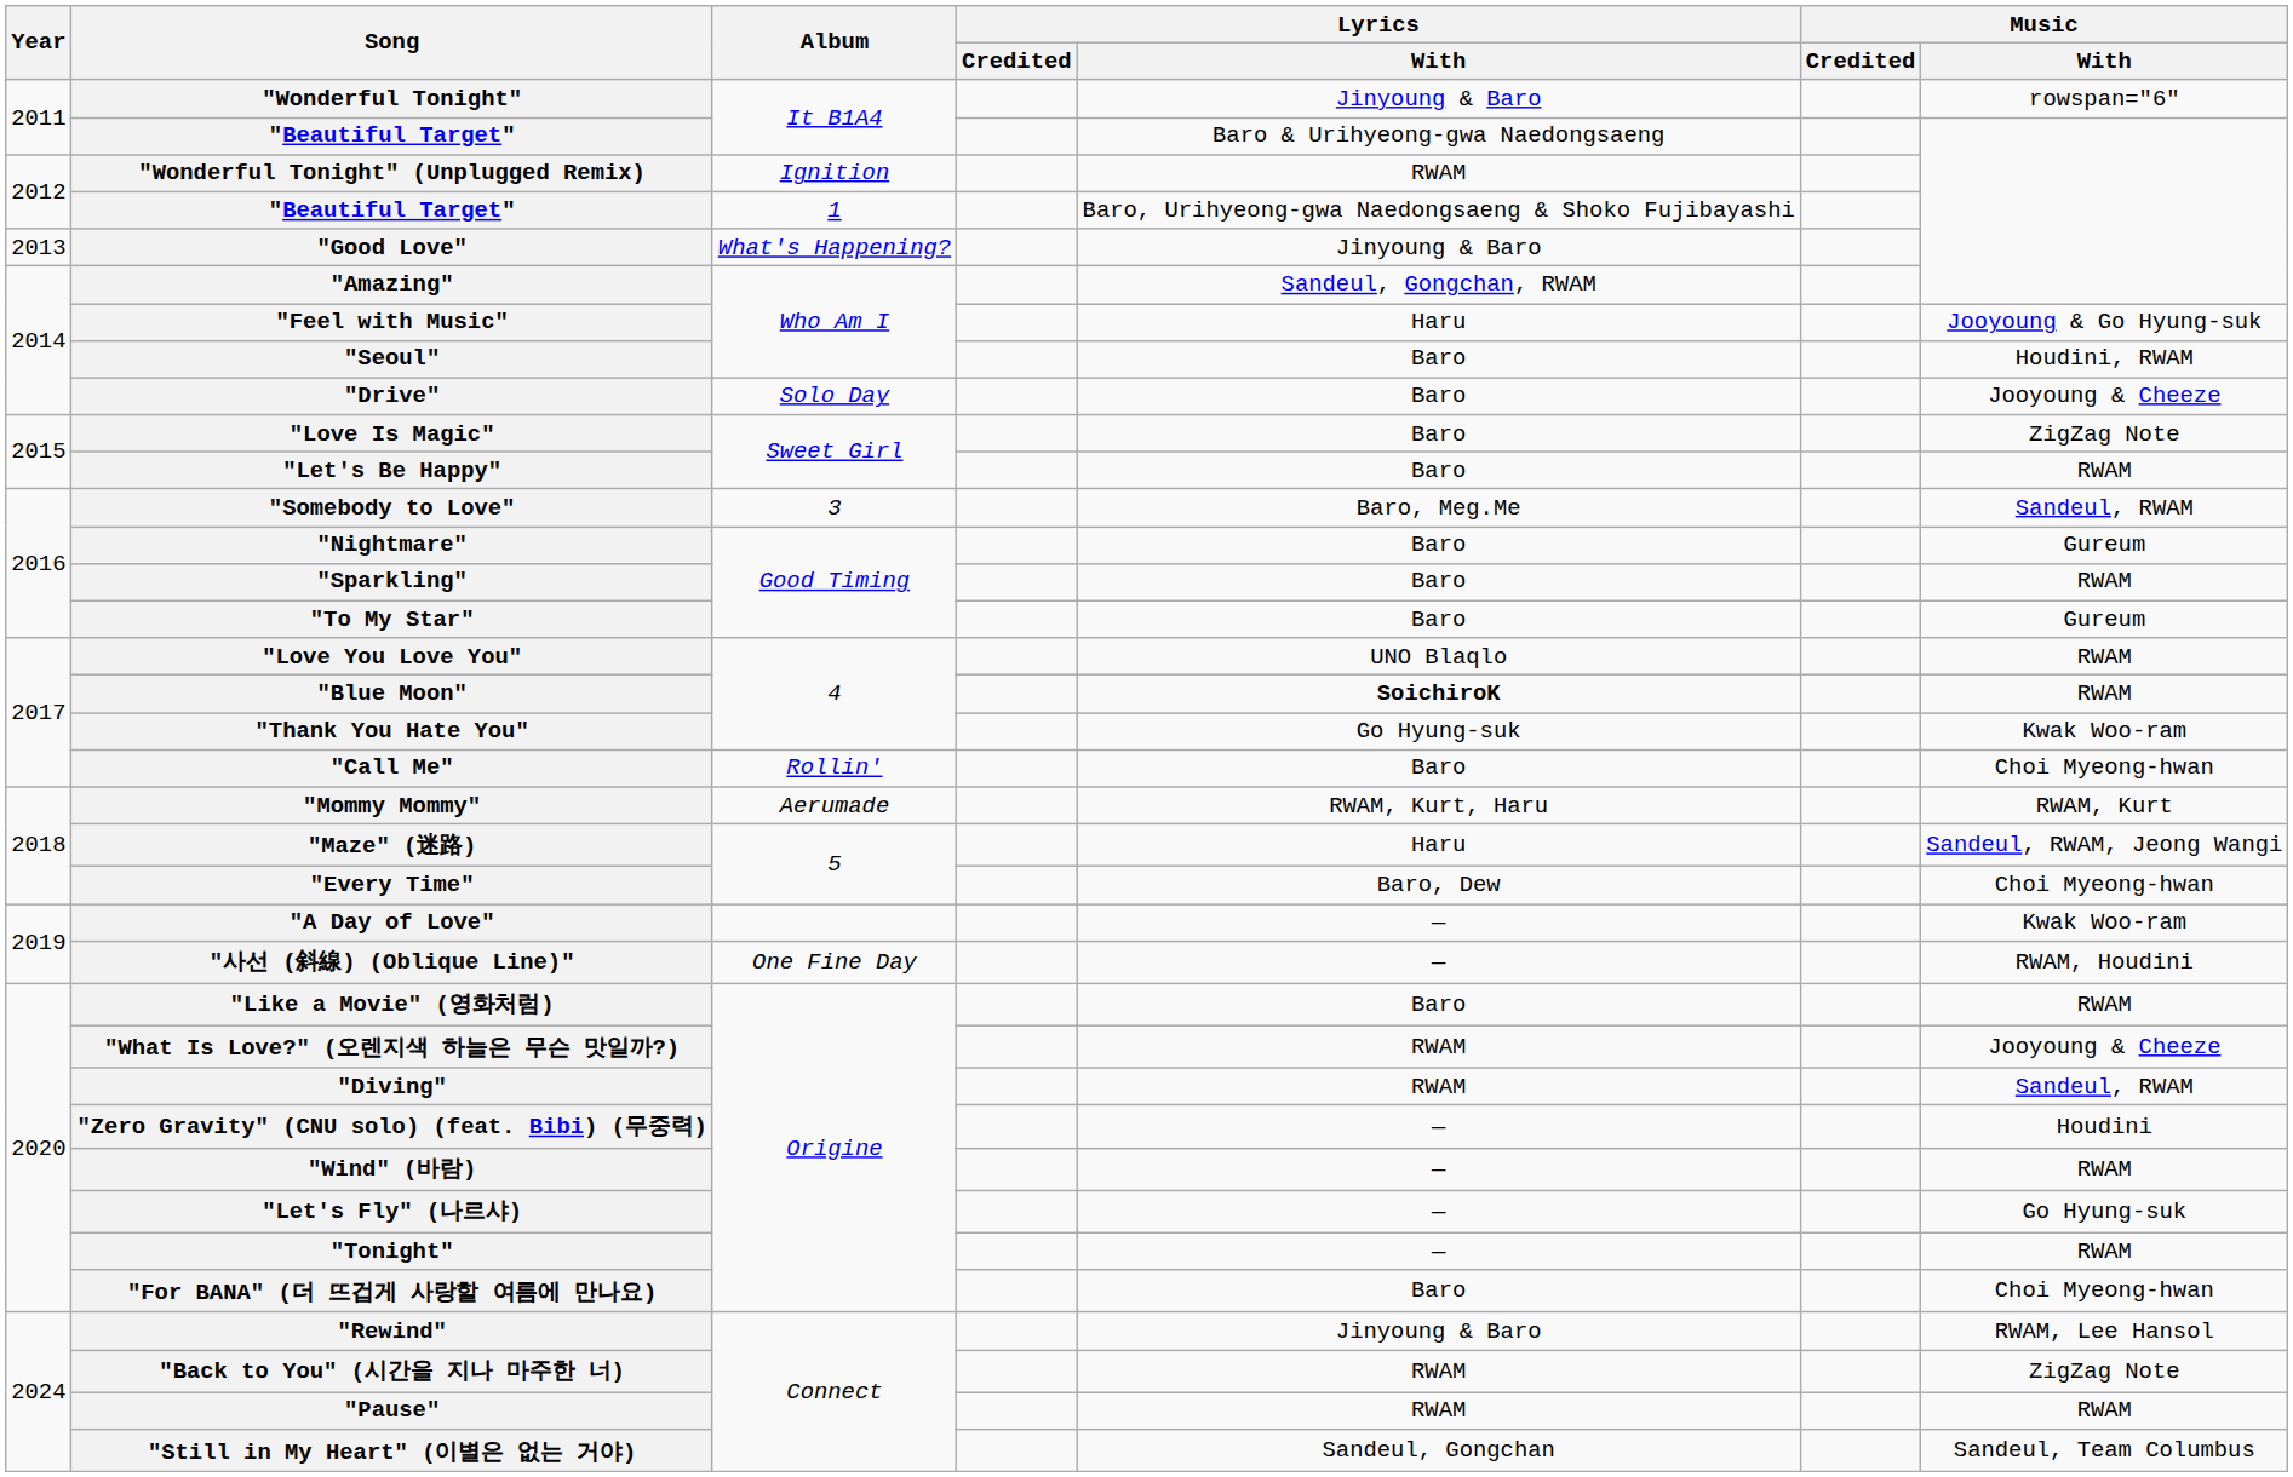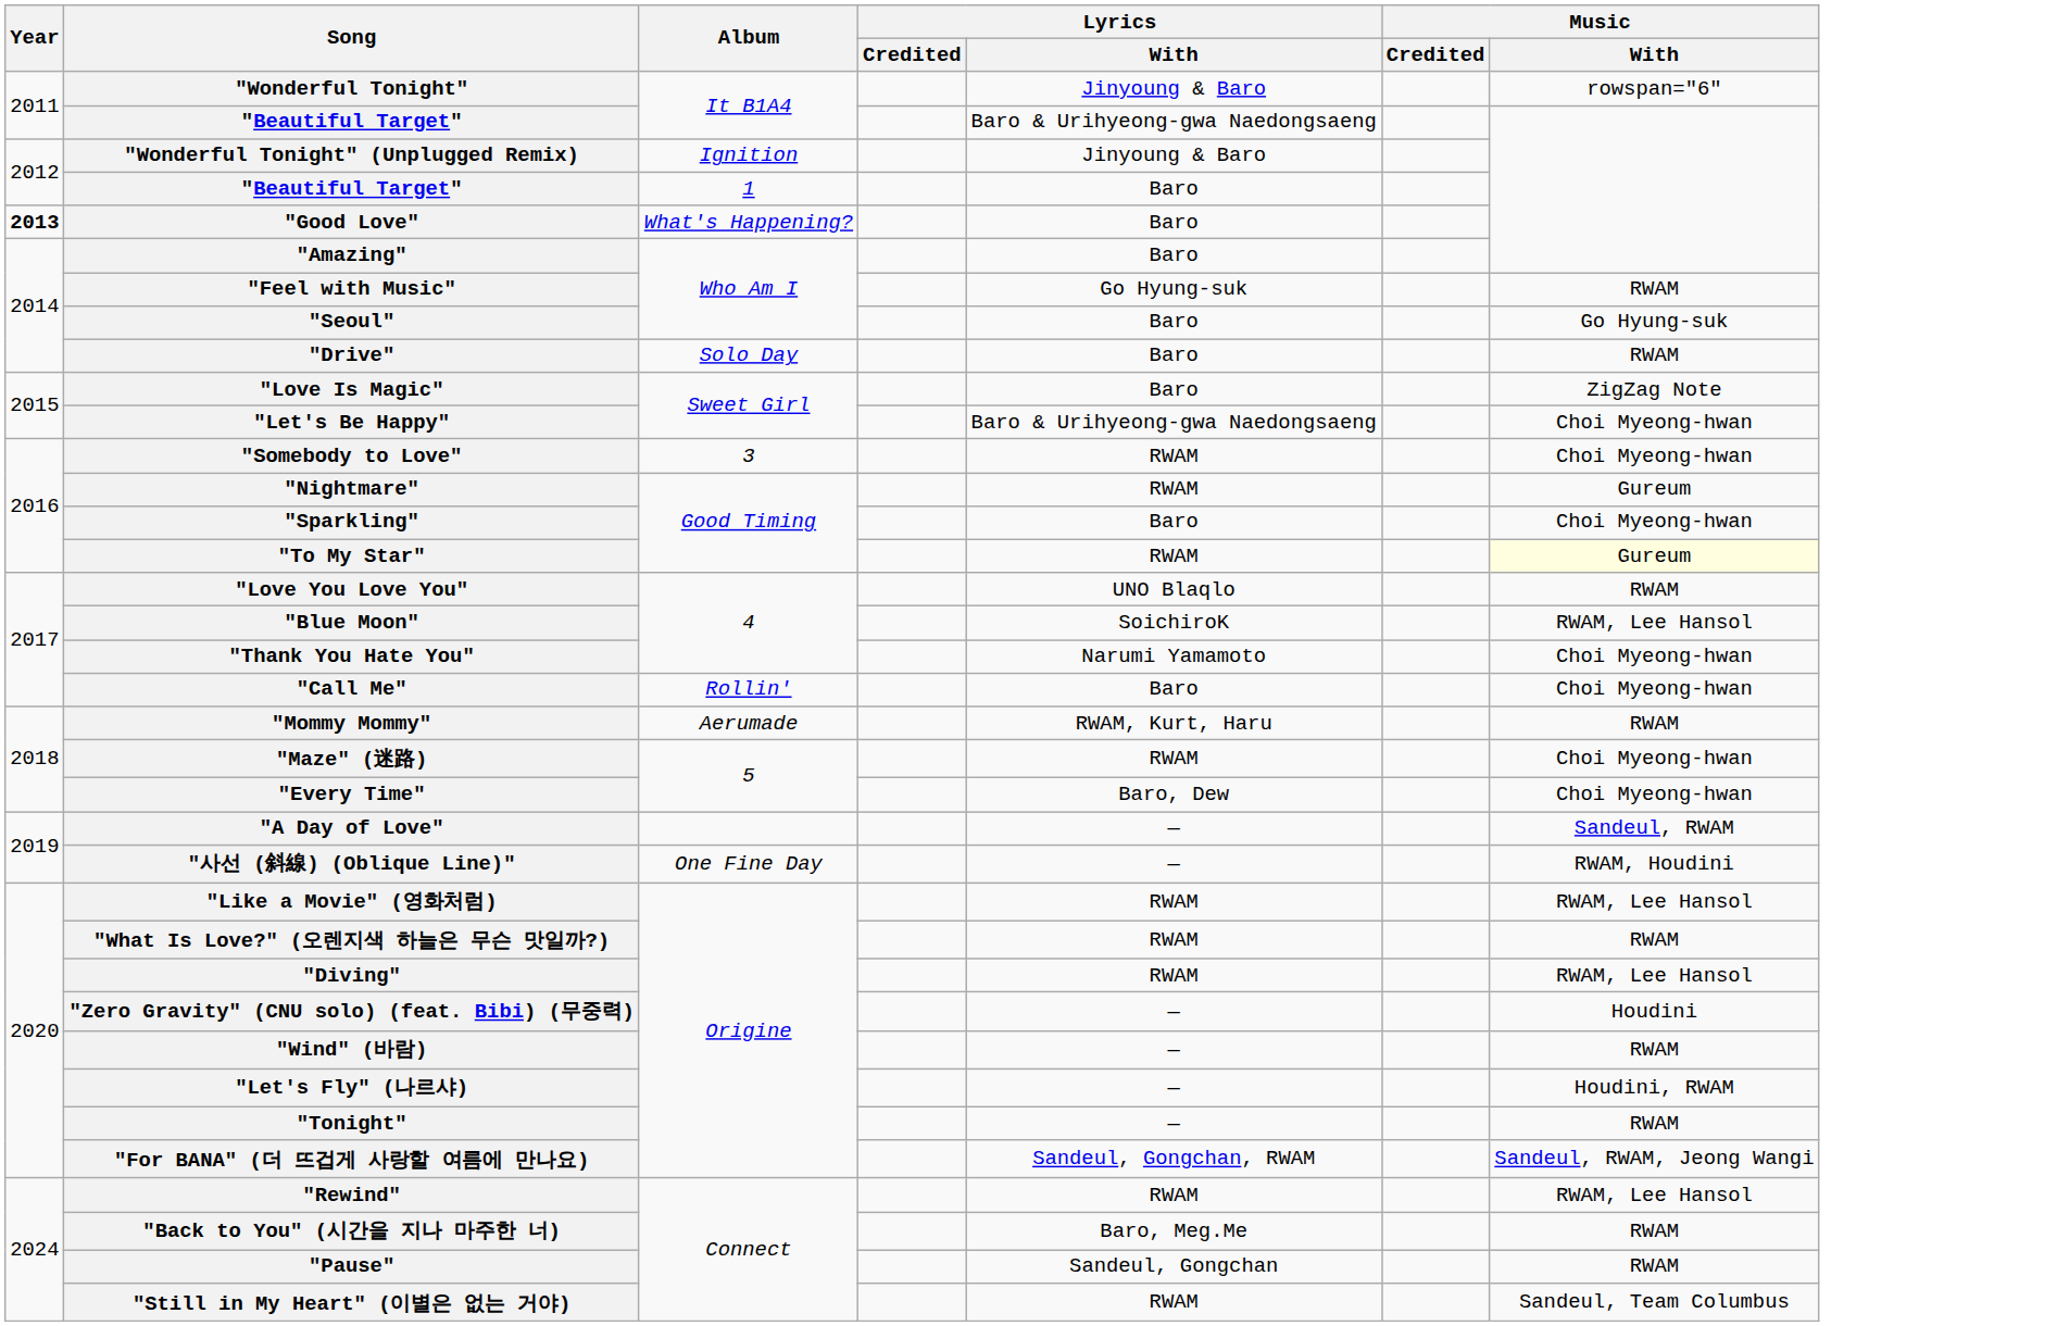 <table class="wikitable plainrowheaders" style="text-align:center;">
 <tr>
 <th rowspan="2">Year</th>
 <th rowspan="2">Song</th>
 <th rowspan="2">Album</th>
 <th colspan="2">Lyrics</th>
 <th colspan="2">Music</th>
 </tr>
 <tr>
 <th>Credited</th>
 <th>With</th>
 <th>Credited</th>
 <th>With</th>
 </tr>
 <tr>
 <td rowspan="2">2011</td>
 <th scope="row">"Wonderful Tonight"</th>
 <td rowspan="2"><em><a href='#'>It B1A4</a></em></td>
 <td></td>
 <td><a href='#'>Jinyoung</a> & <a href='#'>Baro</a></td>
 <td></td>
 <td>rowspan="6" </td>
 </tr>
 <tr>
 <th scope="row">"<a href='#'>Beautiful Target</a>"</th>
 <td></td>
 <td>Baro & Urihyeong-gwa Naedongsaeng</td>
 <td></td>
 </tr>
 <tr>
 <td rowspan="2">2012</td>
 <th scope="row">"Wonderful Tonight" (Unplugged Remix)</th>
 <td><em><a href='#'>Ignition</a></em></td>
 <td></td>
-<td>RWAM</td>
+<td>Jinyoung & Baro</td>
 <td></td>
 </tr>
 <tr>
 <th scope="row">"<a href='#'>Beautiful Target</a>"<br></th>
 <td><em><a href='#'>1</a></em></td>
 <td></td>
-<td>Baro, Urihyeong-gwa Naedongsaeng & Shoko Fujibayashi</td>
+<td>Baro</td>
 <td></td>
 </tr>
 <tr>
-<td>2013</td>
+<td><strong>2013</strong></td>
 <th scope="row">"Good Love"</th>
 <td><em><a href='#'>What's Happening?</a></em></td>
 <td></td>
-<td>Jinyoung & Baro</td>
+<td>Baro</td>
 <td></td>
 </tr>
 <tr>
 <td rowspan="4">2014</td>
 <th scope="row">"Amazing"</th>
 <td rowspan="3"><em><a href='#'>Who Am I</a></em></td>
 <td></td>
-<td><a href='#'>Sandeul</a>, <a href='#'>Gongchan</a>, RWAM</td>
+<td>Baro</td>
 <td></td>
 </tr>
 <tr>
 <th scope="row">"Feel with Music"</th>
 <td></td>
-<td>Haru</td>
+<td>Go Hyung-suk</td>
 <td></td>
-<td><a href='#'>Jooyoung</a> & Go Hyung-suk</td>
+<td>RWAM</td>
 </tr>
 <tr>
 <th scope="row">"Seoul"</th>
 <td></td>
 <td>Baro</td>
 <td></td>
-<td>Houdini, RWAM</td>
+<td>Go Hyung-suk</td>
 </tr>
 <tr>
 <th scope="row">"Drive"</th>
 <td><em><a href='#'>Solo Day</a></em></td>
 <td></td>
 <td>Baro</td>
 <td></td>
-<td>Jooyoung & <a href='#'>Cheeze</a></td>
+<td>RWAM</td>
 </tr>
 <tr>
 <td rowspan="2">2015</td>
 <th scope="row">"Love Is Magic"</th>
 <td rowspan="2"><em><a href='#'>Sweet Girl</a></em></td>
 <td></td>
 <td>Baro</td>
 <td></td>
 <td>ZigZag Note</td>
 </tr>
 <tr>
 <th scope="row">"Let's Be Happy"</th>
 <td></td>
-<td>Baro</td>
+<td>Baro & Urihyeong-gwa Naedongsaeng</td>
 <td></td>
-<td>RWAM</td>
+<td>Choi Myeong-hwan</td>
 </tr>
 <tr>
 <td rowspan="4">2016</td>
 <th scope="row">"Somebody to Love"</th>
 <td><em>3</em></td>
 <td></td>
-<td>Baro, Meg.Me</td>
+<td>RWAM</td>
 <td></td>
-<td><a href='#'>Sandeul</a>, RWAM</td>
+<td>Choi Myeong-hwan</td>
 </tr>
 <tr>
 <th scope="row">"Nightmare"</th>
 <td rowspan="3"><em><a href='#'>Good Timing</a></em></td>
 <td></td>
-<td>Baro</td>
+<td>RWAM</td>
 <td></td>
 <td>Gureum</td>
 </tr>
 <tr>
 <th scope="row">"Sparkling"</th>
 <td></td>
 <td>Baro</td>
 <td></td>
-<td>RWAM</td>
+<td>Choi Myeong-hwan</td>
 </tr>
 <tr>
 <th scope="row">"To My Star"</th>
 <td></td>
-<td>Baro</td>
+<td>RWAM</td>
 <td></td>
-<td>Gureum</td>
+<td style="background: lightyellow;">Gureum</td>
 </tr>
 <tr>
 <td rowspan="4">2017</td>
 <th scope="row">"Love You Love You"</th>
 <td rowspan="3"><em>4</em></td>
 <td></td>
 <td>UNO Blaqlo</td>
 <td></td>
 <td>RWAM</td>
 </tr>
 <tr>
 <th scope="row">"Blue Moon"</th>
 <td></td>
-<td><strong>SoichiroK</strong></td>
+<td>SoichiroK</td>
 <td></td>
-<td>RWAM</td>
+<td>RWAM, Lee Hansol</td>
 </tr>
 <tr>
 <th scope="row">"Thank You Hate You"</th>
 <td></td>
-<td>Go Hyung-suk</td>
+<td>Narumi Yamamoto</td>
 <td></td>
-<td>Kwak Woo-ram</td>
+<td>Choi Myeong-hwan</td>
 </tr>
 <tr>
 <th scope="row">"Call Me"</th>
 <td><em><a href='#'>Rollin'</a></em></td>
 <td></td>
 <td>Baro</td>
 <td></td>
 <td>Choi Myeong-hwan</td>
 </tr>
 <tr>
 <td rowspan="3">2018</td>
 <th scope="row">"Mommy Mommy"</th>
 <td><em>Aerumade</em></td>
 <td></td>
 <td>RWAM, Kurt, Haru</td>
 <td></td>
-<td>RWAM, Kurt</td>
+<td>RWAM</td>
 </tr>
 <tr>
 <th scope="row">"Maze" (迷路)</th>
 <td rowspan="2"><em>5</em></td>
 <td></td>
-<td>Haru</td>
+<td>RWAM</td>
 <td></td>
-<td><a href='#'>Sandeul</a>, RWAM, Jeong Wangi</td>
+<td>Choi Myeong-hwan</td>
 </tr>
 <tr>
 <th scope="row">"Every Time"</th>
 <td></td>
 <td>Baro, Dew</td>
 <td></td>
 <td>Choi Myeong-hwan</td>
 </tr>
 <tr>
 <td rowspan="2">2019</td>
 <th scope="row">"A Day of Love"</th>
 <td></td>
 <td></td>
 <td>—</td>
 <td></td>
-<td>Kwak Woo-ram</td>
+<td><a href='#'>Sandeul</a>, RWAM</td>
 </tr>
 <tr>
 <th scope="row">"사선 (斜線) (Oblique Line)"</th>
 <td><em>One Fine Day</em></td>
 <td></td>
 <td>—</td>
 <td></td>
 <td>RWAM, Houdini</td>
 </tr>
 <tr>
 <td rowspan="8">2020</td>
 <th scope="row">"Like a Movie" (영화처럼)</th>
 <td rowspan="8"><em><a href='#'>Origine</a></em></td>
 <td></td>
-<td>Baro</td>
+<td>RWAM</td>
 <td></td>
-<td>RWAM</td>
+<td>RWAM, Lee Hansol</td>
 </tr>
 <tr>
 <th scope="row">"What Is Love?" (오렌지색 하늘은 무슨 맛일까?)</th>
 <td></td>
 <td>RWAM</td>
 <td></td>
-<td>Jooyoung & <a href='#'>Cheeze</a></td>
+<td>RWAM</td>
 </tr>
 <tr>
 <th scope="row">"Diving"</th>
 <td></td>
 <td>RWAM</td>
 <td></td>
-<td><a href='#'>Sandeul</a>, RWAM</td>
+<td>RWAM, Lee Hansol</td>
 </tr>
 <tr>
 <th scope="row">"Zero Gravity" (CNU solo) (feat. <a href='#'>Bibi</a>) (무중력)</th>
 <td></td>
 <td>—</td>
 <td></td>
 <td>Houdini</td>
 </tr>
 <tr>
 <th scope="row">"Wind" (바람)</th>
 <td></td>
 <td>—</td>
 <td></td>
 <td>RWAM</td>
 </tr>
 <tr>
 <th scope="row">"Let's Fly" (나르샤)</th>
 <td></td>
 <td>—</td>
 <td></td>
-<td>Go Hyung-suk</td>
+<td>Houdini, RWAM</td>
 </tr>
 <tr>
 <th scope="row">"Tonight"</th>
 <td></td>
 <td>—</td>
 <td></td>
 <td>RWAM</td>
 </tr>
 <tr>
 <th scope="row">"For BANA" (더 뜨겁게 사랑할 여름에 만나요)</th>
 <td></td>
-<td>Baro</td>
+<td><a href='#'>Sandeul</a>, <a href='#'>Gongchan</a>, RWAM</td>
 <td></td>
-<td>Choi Myeong-hwan</td>
+<td><a href='#'>Sandeul</a>, RWAM, Jeong Wangi</td>
 </tr>
 <tr>
 <td rowspan="8">2024</td>
 <th scope="row">"Rewind"</th>
 <td rowspan="8"><em>Connect</em></td>
 <td></td>
-<td>Jinyoung & Baro</td>
+<td>RWAM</td>
 <td></td>
 <td>RWAM, Lee Hansol</td>
 </tr>
 <tr>
 <th scope="row">"Back to You" (시간을 지나 마주한 너)</th>
 <td></td>
+<td>Baro, Meg.Me</td>
+<td></td>
 <td>RWAM</td>
-<td></td>
-<td>ZigZag Note</td>
 </tr>
 <tr>
 <th scope="row">"Pause"</th>
 <td></td>
-<td>RWAM</td>
+<td>Sandeul, Gongchan</td>
 <td></td>
 <td>RWAM</td>
 </tr>
 <tr>
 <th scope="row">"Still in My Heart" (이별은 없는 거야)</th>
 <td></td>
-<td>Sandeul, Gongchan</td>
+<td>RWAM</td>
 <td></td>
 <td>Sandeul, Team Columbus</td>
 </tr>
 </table>
